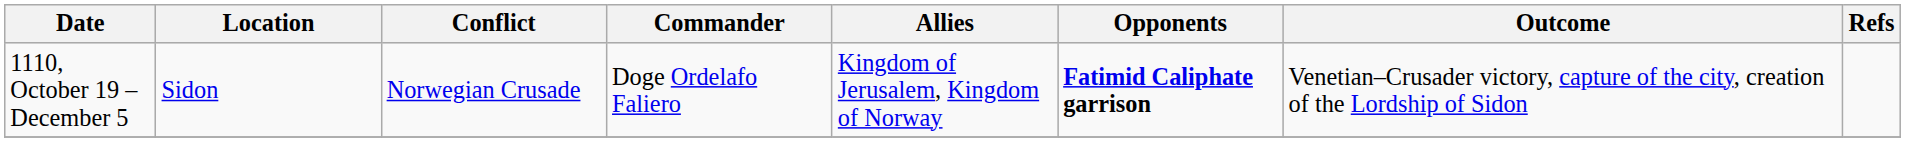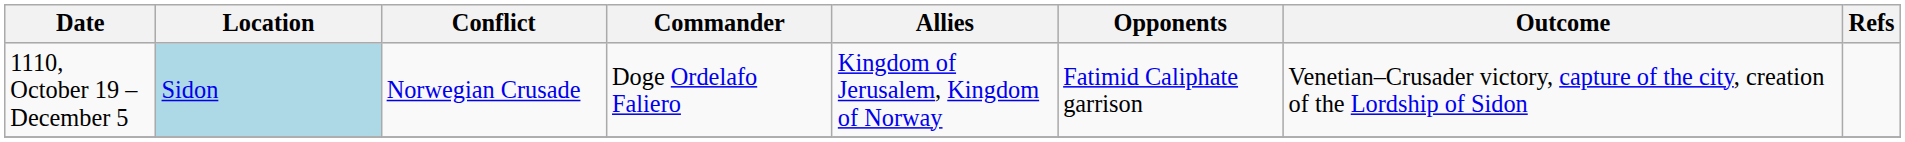 <table class="wikitable">
 <tr>
 <th style="width: 8%">Date</th>
 <th style="width: 12%">Location</th>
 <th style="width: 12%">Conflict</th>
 <th style="width: 12%">Commander</th>
 <th style="width: 12%">Allies</th>
 <th style="width: 12%">Opponents</th>
 <th style="width: 30%">Outcome</th>
 <th style="width: 2%">Refs</th>
 </tr>
 <tr>
 <td>1110, October 19 – December 5</td>
-<td><a href='#'>Sidon</a></td>
+<td style="background: lightblue;"><a href='#'>Sidon</a></td>
 <td><a href='#'>Norwegian Crusade</a></td>
 <td>Doge <a href='#'>Ordelafo Faliero</a></td>
 <td><a href='#'>Kingdom of Jerusalem</a>, <a href='#'>Kingdom of Norway</a></td>
-<td><strong><a href='#'>Fatimid Caliphate</a> garrison</strong></td>
+<td><a href='#'>Fatimid Caliphate</a> garrison</td>
 <td>Venetian–Crusader victory, <a href='#'>capture of the city</a>, creation of the <a href='#'>Lordship of Sidon</a></td>
 <td></td>
 </tr>
 <tr>
 </tr>
 </table>
